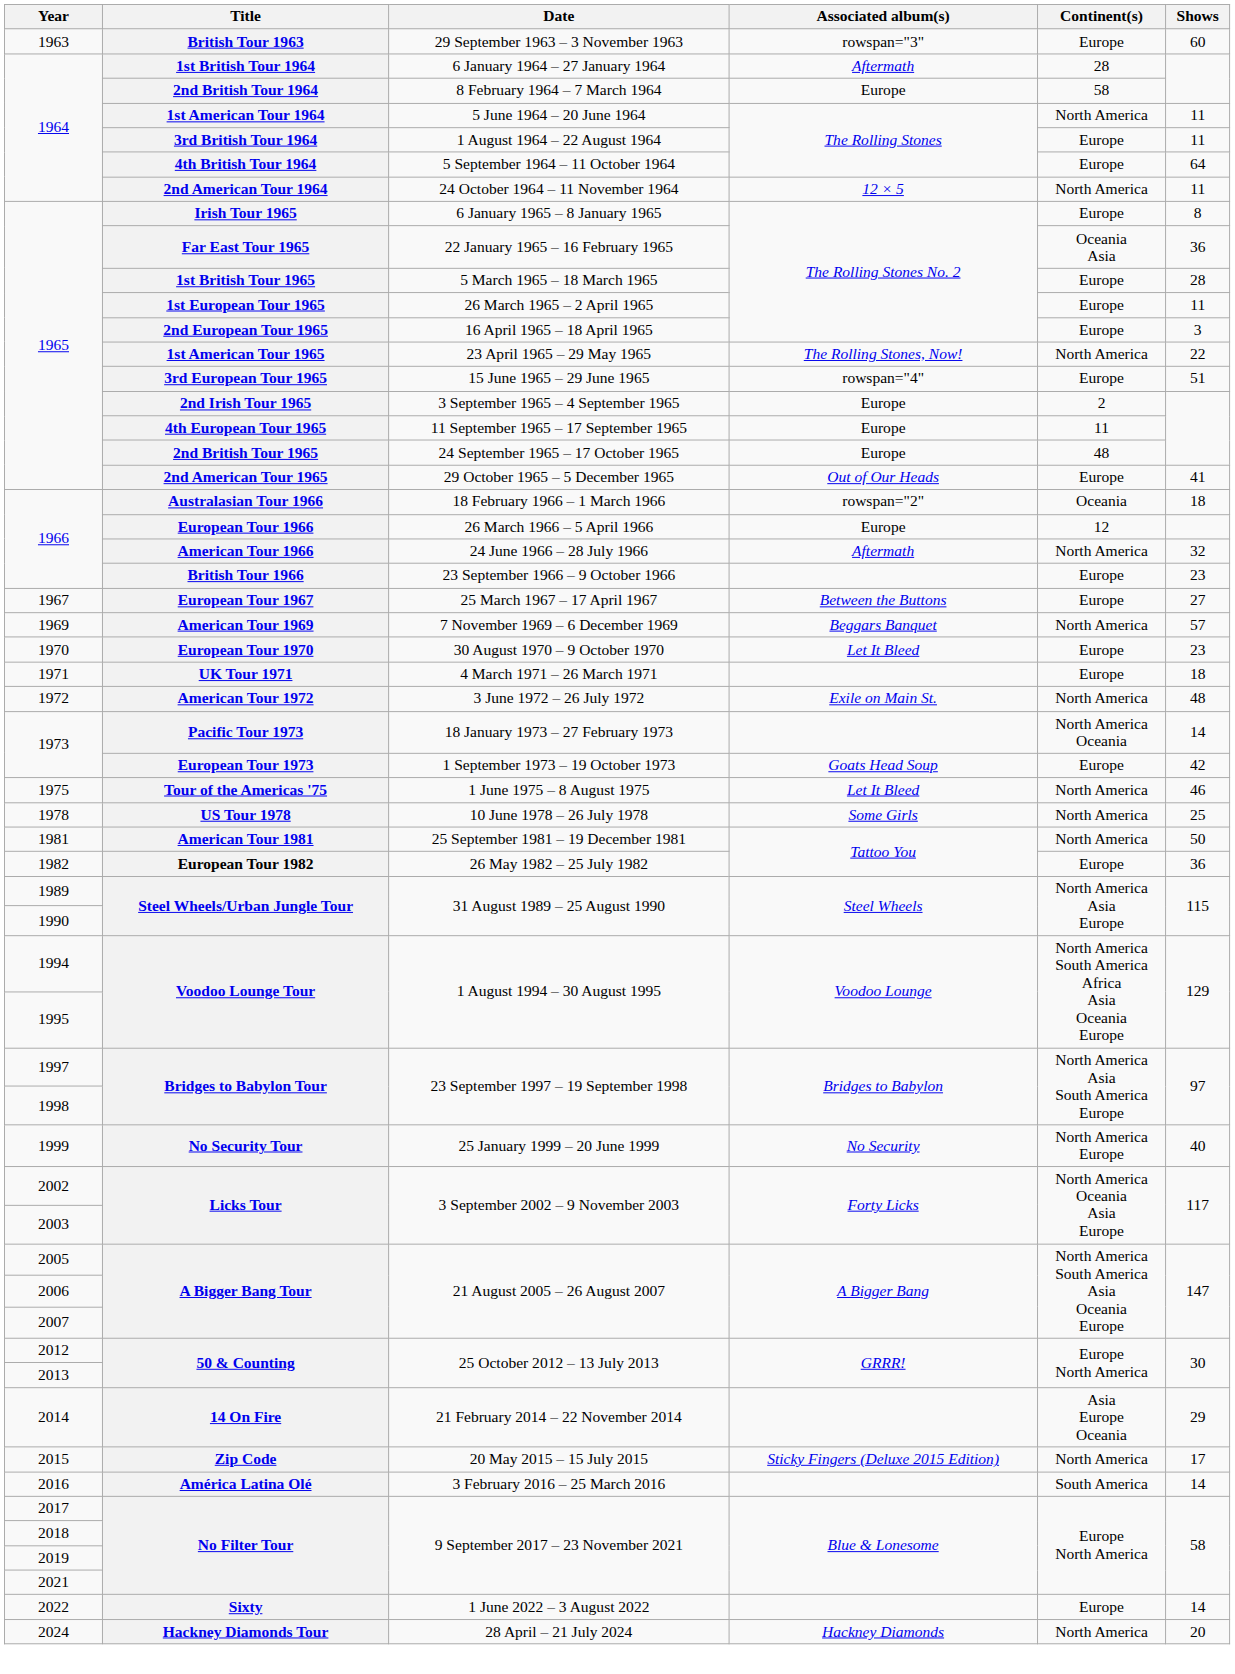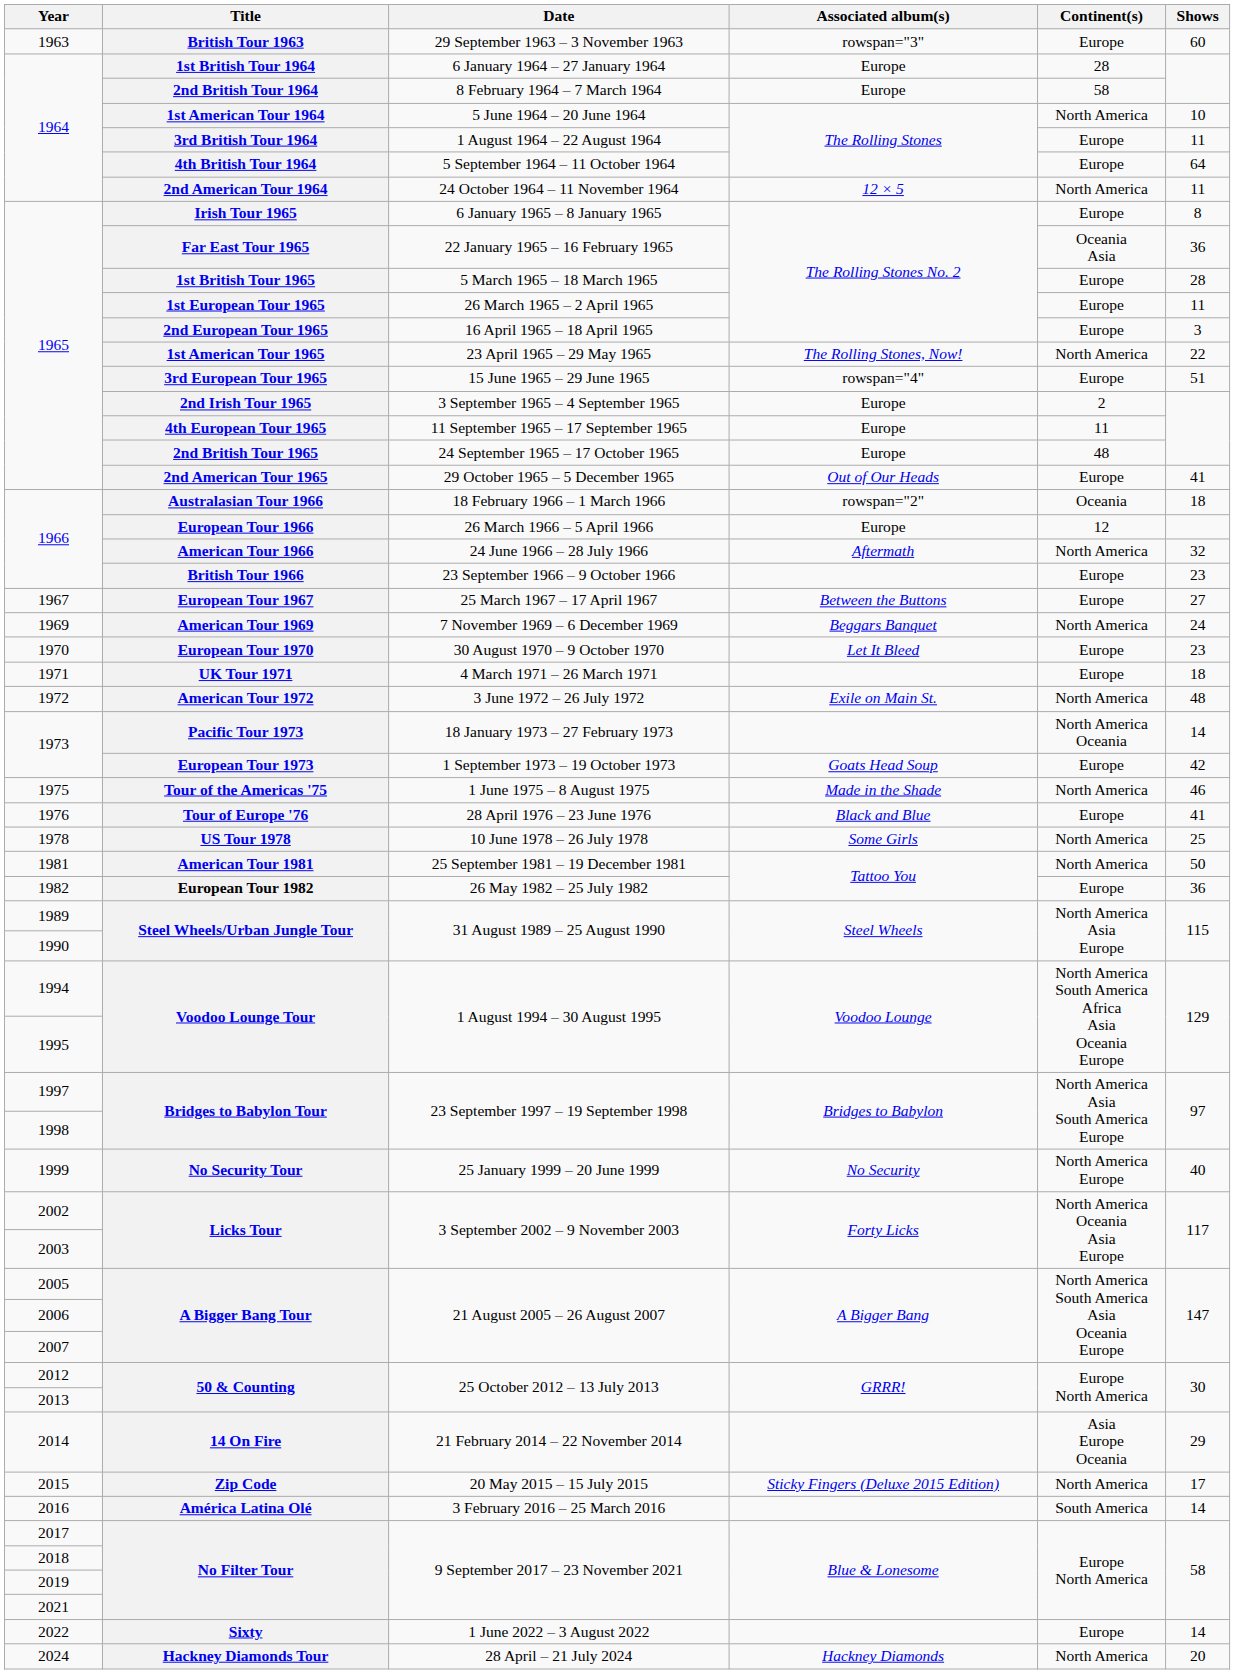 <table class="wikitable plainrowheaders" style="text-align:center;" width=100%>
 <tr>
 <th scope="col" width=8%>Year</th>
 <th scope="col">Title</th>
 <th scope="col">Date</th>
 <th scope="col">Associated album(s)</th>
 <th scope="col">Continent(s)</th>
 <th scope="col">Shows</th>
 </tr>
 <tr>
 <td>1963</td>
 <th scope="row"><a href='#'>British Tour 1963</a></th>
 <td>29 September 1963 – 3 November 1963</td>
 <td>rowspan="3" </td>
 <td>Europe</td>
 <td>60</td>
 </tr>
 <tr>
 <td rowspan="6"><a href='#'>1964</a></td>
 <th scope="row"><a href='#'>1st British Tour 1964</a></th>
 <td>6 January 1964 – 27 January 1964</td>
-<td><em><a href='#'>Aftermath</a></em></td>
+<td>Europe</td>
 <td>28</td>
 </tr>
 <tr>
 <th scope="row"><a href='#'>2nd British Tour 1964</a></th>
 <td>8 February 1964 – 7 March 1964</td>
 <td>Europe</td>
 <td>58</td>
 </tr>
 <tr>
 <th scope="row"><a href='#'>1st American Tour 1964</a></th>
 <td>5 June 1964 – 20 June 1964</td>
 <td rowspan="3"><em><a href='#'>The Rolling Stones</a></em></td>
 <td>North America</td>
-<td>11</td>
+<td>10</td>
 </tr>
 <tr>
 <th scope="row"><a href='#'>3rd British Tour 1964</a></th>
 <td>1 August 1964 – 22 August 1964</td>
 <td>Europe</td>
 <td>11</td>
 </tr>
 <tr>
 <th scope="row"><a href='#'>4th British Tour 1964</a></th>
 <td>5 September 1964 – 11 October 1964</td>
 <td>Europe</td>
 <td>64</td>
 </tr>
 <tr>
 <th scope="row"><a href='#'>2nd American Tour 1964</a></th>
 <td>24 October 1964 – 11 November 1964</td>
 <td><em><a href='#'>12 × 5</a></em></td>
 <td>North America</td>
 <td>11</td>
 </tr>
 <tr>
 <td rowspan="11"><a href='#'>1965</a></td>
 <th scope="row"><a href='#'>Irish Tour 1965</a></th>
 <td>6 January 1965 – 8 January 1965</td>
 <td rowspan="5"><em><a href='#'>The Rolling Stones No. 2</a></em></td>
 <td>Europe</td>
 <td>8</td>
 </tr>
 <tr>
 <th scope="row"><a href='#'>Far East Tour 1965</a></th>
 <td>22 January 1965 – 16 February 1965</td>
 <td>Oceania <br> Asia</td>
 <td>36</td>
 </tr>
 <tr>
 <th scope="row"><a href='#'>1st British Tour 1965</a></th>
 <td>5 March 1965 – 18 March 1965</td>
 <td>Europe</td>
 <td>28</td>
 </tr>
 <tr>
 <th scope="row"><a href='#'>1st European Tour 1965</a></th>
 <td>26 March 1965 – 2 April 1965</td>
 <td>Europe</td>
 <td>11</td>
 </tr>
 <tr>
 <th scope="row"><a href='#'>2nd European Tour 1965</a></th>
 <td>16 April 1965 – 18 April 1965</td>
 <td>Europe</td>
 <td>3</td>
 </tr>
 <tr>
 <th scope="row"><a href='#'>1st American Tour 1965</a></th>
 <td>23 April 1965 – 29 May 1965</td>
 <td><em><a href='#'>The Rolling Stones, Now!</a></em></td>
 <td>North America</td>
 <td>22</td>
 </tr>
 <tr>
 <th scope="row"><a href='#'>3rd European Tour 1965</a></th>
 <td>15 June 1965 – 29 June 1965</td>
 <td>rowspan="4" </td>
 <td>Europe</td>
 <td>51</td>
 </tr>
 <tr>
 <th scope="row"><a href='#'>2nd Irish Tour 1965</a></th>
 <td>3 September 1965 – 4 September 1965</td>
 <td>Europe</td>
 <td>2</td>
 </tr>
 <tr>
 <th scope="row"><a href='#'>4th European Tour 1965</a></th>
 <td>11 September 1965 – 17 September 1965</td>
 <td>Europe</td>
 <td>11</td>
 </tr>
 <tr>
 <th scope="row"><a href='#'>2nd British Tour 1965</a></th>
 <td>24 September 1965 – 17 October 1965</td>
 <td>Europe</td>
 <td>48</td>
 </tr>
 <tr>
 <th scope="row"><a href='#'>2nd American Tour 1965</a></th>
 <td>29 October 1965 – 5 December 1965</td>
 <td><em><a href='#'>Out of Our Heads</a></em></td>
 <td>Europe</td>
 <td>41</td>
 </tr>
 <tr>
 <td rowspan="4"><a href='#'>1966</a></td>
 <th scope="row"><a href='#'>Australasian Tour 1966</a></th>
 <td>18 February 1966 – 1 March 1966</td>
 <td>rowspan="2" </td>
 <td>Oceania</td>
 <td>18</td>
 </tr>
 <tr>
 <th scope="row"><a href='#'>European Tour 1966</a></th>
 <td>26 March 1966 – 5 April 1966</td>
 <td>Europe</td>
 <td>12</td>
 </tr>
 <tr>
 <th scope="row"><a href='#'>American Tour 1966</a></th>
 <td>24 June 1966 – 28 July 1966</td>
 <td><em><a href='#'>Aftermath</a></em></td>
 <td>North America</td>
 <td>32</td>
 </tr>
 <tr>
 <th scope="row"><a href='#'>British Tour 1966</a></th>
 <td>23 September 1966 – 9 October 1966</td>
 <td></td>
 <td>Europe</td>
 <td>23</td>
 </tr>
 <tr>
 <td>1967</td>
 <th scope="row"><a href='#'>European Tour 1967</a></th>
 <td>25 March 1967 – 17 April 1967</td>
 <td><em><a href='#'>Between the Buttons</a></em></td>
 <td>Europe</td>
 <td>27</td>
 </tr>
 <tr>
 <td>1969</td>
 <th scope="row"><a href='#'>American Tour 1969</a></th>
 <td>7 November 1969 – 6 December 1969</td>
 <td><em><a href='#'>Beggars Banquet</a></em></td>
 <td>North America</td>
-<td>57</td>
+<td>24</td>
 </tr>
 <tr>
 <td>1970</td>
 <th scope="row"><a href='#'>European Tour 1970</a></th>
 <td>30 August 1970 – 9 October 1970</td>
 <td><em><a href='#'>Let It Bleed</a></em></td>
 <td>Europe</td>
 <td>23</td>
 </tr>
 <tr>
 <td>1971</td>
 <th scope="row"><a href='#'>UK Tour 1971</a></th>
 <td>4 March 1971 – 26 March 1971</td>
 <td></td>
 <td>Europe</td>
 <td>18</td>
 </tr>
 <tr>
 <td>1972</td>
 <th scope="row"><a href='#'>American Tour 1972</a></th>
 <td>3 June 1972 – 26 July 1972</td>
 <td><em><a href='#'>Exile on Main St.</a></em></td>
 <td>North America</td>
 <td>48</td>
 </tr>
 <tr>
 <td rowspan="2">1973</td>
 <th scope="row"><a href='#'>Pacific Tour 1973</a></th>
 <td>18 January 1973 – 27 February 1973</td>
 <td></td>
 <td>North America <br> Oceania</td>
 <td>14</td>
 </tr>
 <tr>
 <th scope="row"><a href='#'>European Tour 1973</a></th>
 <td>1 September 1973 – 19 October 1973</td>
 <td><em><a href='#'>Goats Head Soup</a></em></td>
 <td>Europe</td>
 <td>42</td>
 </tr>
 <tr>
 <td>1975</td>
 <th scope="row"><a href='#'>Tour of the Americas '75</a></th>
 <td>1 June 1975 – 8 August 1975</td>
-<td><em><a href='#'>Let It Bleed</a></em></td>
+<td><em><a href='#'>Made in the Shade</a></em></td>
 <td>North America</td>
 <td>46</td>
+</tr>
+<tr>
+<td>1976</td>
+<th scope="row"><a href='#'>Tour of Europe '76</a></th>
+<td>28 April 1976 – 23 June 1976</td>
+<td><em><a href='#'>Black and Blue</a></em></td>
+<td>Europe</td>
+<td>41</td>
 </tr>
 <tr>
 <td>1978</td>
 <th scope="row"><a href='#'>US Tour 1978</a></th>
 <td>10 June 1978 – 26 July 1978</td>
 <td><em><a href='#'>Some Girls</a></em></td>
 <td>North America</td>
 <td>25</td>
 </tr>
 <tr>
 <td>1981</td>
 <th scope="row"><a href='#'>American Tour 1981</a></th>
 <td>25 September 1981 – 19 December 1981</td>
 <td rowspan="2"><em><a href='#'>Tattoo You</a></em></td>
 <td>North America</td>
 <td>50</td>
 </tr>
 <tr>
 <td>1982</td>
 <th scope="row">European Tour 1982</th>
 <td>26 May 1982 – 25 July 1982</td>
 <td>Europe</td>
 <td>36</td>
 </tr>
 <tr>
 <td>1989</td>
 <th scope="row" rowspan="2"><a href='#'>Steel Wheels/Urban Jungle Tour</a></th>
 <td rowspan="2">31 August 1989 – 25 August 1990</td>
 <td rowspan="2"><em><a href='#'>Steel Wheels</a></em></td>
 <td rowspan="2">North America <br> Asia <br> Europe</td>
 <td rowspan="2">115</td>
 </tr>
 <tr>
 <td>1990</td>
 </tr>
 <tr>
 <td>1994</td>
 <th scope="row" rowspan="2"><strong><a href='#'>Voodoo Lounge Tour</a></strong></th>
 <td rowspan="2">1 August 1994 – 30 August 1995</td>
 <td rowspan="2"><em><a href='#'>Voodoo Lounge</a></em></td>
 <td rowspan="2">North America <br> South America <br> Africa <br> Asia <br> Oceania <br> Europe</td>
 <td rowspan="2">129</td>
 </tr>
 <tr>
 <td>1995</td>
 </tr>
 <tr>
 <td>1997</td>
 <th scope="row" rowspan="2"><strong><a href='#'>Bridges to Babylon Tour</a></strong></th>
 <td rowspan="2">23 September 1997 – 19 September 1998</td>
 <td rowspan="2"><em><a href='#'>Bridges to Babylon</a></em></td>
 <td rowspan="2">North America <br> Asia <br> South America <br> Europe</td>
 <td rowspan="2">97</td>
 </tr>
 <tr>
 <td>1998</td>
 </tr>
 <tr>
 <td>1999</td>
 <th scope="row"><a href='#'>No Security Tour</a></th>
 <td>25 January 1999 – 20 June 1999</td>
 <td><em><a href='#'>No Security</a></em></td>
 <td>North America <br> Europe</td>
 <td>40</td>
 </tr>
 <tr>
 <td>2002</td>
 <th scope="row" rowspan="2"><strong><a href='#'>Licks Tour</a></strong></th>
 <td rowspan="2">3 September 2002 – 9 November 2003</td>
 <td rowspan="2"><em><a href='#'>Forty Licks</a></em></td>
 <td rowspan="2">North America <br> Oceania <br> Asia <br> Europe</td>
 <td rowspan="2">117</td>
 </tr>
 <tr>
 <td>2003</td>
 </tr>
 <tr>
 <td>2005</td>
 <th scope="row" rowspan="3"><strong><a href='#'>A Bigger Bang Tour</a></strong></th>
 <td rowspan="3">21 August 2005 – 26 August 2007</td>
 <td rowspan="3"><em><a href='#'>A Bigger Bang</a></em></td>
 <td rowspan="3">North America <br> South America <br> Asia <br> Oceania <br> Europe</td>
 <td rowspan="3">147</td>
 </tr>
 <tr>
 <td>2006</td>
 </tr>
 <tr>
 <td>2007</td>
 </tr>
 <tr>
 <td>2012</td>
 <th scope="row" rowspan="2"><a href='#'>50 & Counting</a></th>
 <td rowspan="2">25 October 2012 – 13 July 2013</td>
 <td rowspan="2"><em><a href='#'>GRRR!</a></em></td>
 <td rowspan="2">Europe <br> North America</td>
 <td rowspan="2">30</td>
 </tr>
 <tr>
 <td>2013</td>
 </tr>
 <tr>
 <td>2014</td>
 <th scope="row"><a href='#'>14 On Fire</a></th>
 <td>21 February 2014 – 22 November 2014</td>
 <td></td>
 <td>Asia <br> Europe <br> Oceania</td>
 <td>29</td>
 </tr>
 <tr>
 <td>2015</td>
 <th scope="row"><a href='#'>Zip Code</a></th>
 <td>20 May 2015 – 15 July 2015</td>
 <td><em><a href='#'>Sticky Fingers (Deluxe 2015 Edition)</a></em></td>
 <td>North America</td>
 <td>17</td>
 </tr>
 <tr>
 <td>2016</td>
 <th scope="row"><a href='#'>América Latina Olé</a></th>
 <td>3 February 2016 – 25 March 2016</td>
 <td></td>
 <td>South America</td>
 <td>14</td>
 </tr>
 <tr>
 <td>2017</td>
 <th scope="row" rowspan="4"><a href='#'>No Filter Tour</a></th>
 <td rowspan="4">9 September 2017 – 23 November 2021</td>
 <td rowspan="4"><em><a href='#'>Blue & Lonesome</a></em></td>
 <td rowspan="4">Europe <br> North America</td>
 <td rowspan="4">58</td>
 </tr>
 <tr>
 <td>2018</td>
 </tr>
 <tr>
 <td>2019</td>
 </tr>
 <tr>
 <td>2021</td>
 </tr>
 <tr>
 <td>2022</td>
 <th scope="row"><a href='#'>Sixty</a></th>
 <td>1 June 2022 – 3 August 2022</td>
 <td></td>
 <td>Europe</td>
 <td>14</td>
 </tr>
 <tr>
 <td>2024</td>
 <th scope="row"><a href='#'>Hackney Diamonds Tour</a></th>
 <td>28 April – 21 July 2024</td>
 <td><em><a href='#'>Hackney Diamonds</a></em></td>
 <td>North America</td>
 <td>20</td>
 </tr>
 </table>
